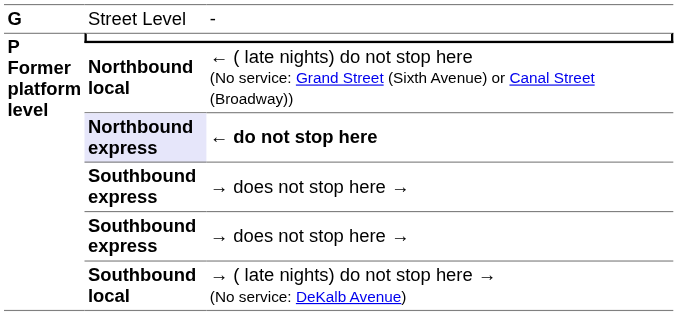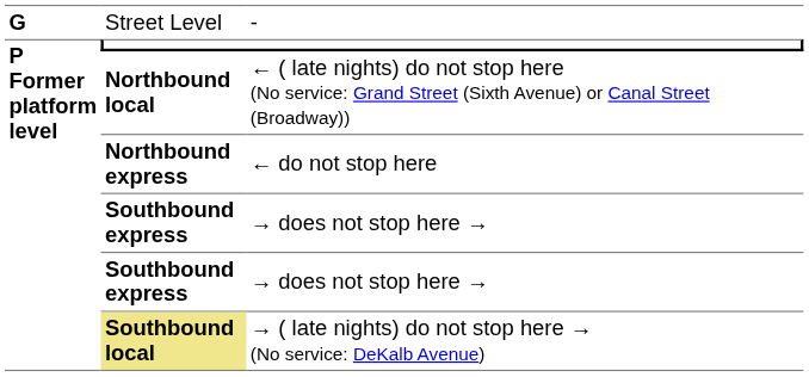 <table table border=0 cellspacing=0 cellpadding=3>
 <tr>
 <td style="border-top:solid 1px gray;" width=50 valign=top><strong>G</strong></td>
 <td style="border-top:solid 1px gray;" width=100 valign=top>Street Level</td>
 <td style="border-top:solid 1px gray;" width=400 valign=top>-</td>
 </tr>
 <tr>
 <td style="border-top:solid 1px gray;border-bottom:solid 1px gray;" width=50 rowspan=6 valign=top><strong>P<br>Former platform level</strong></td>
 <td style="border-top:solid 1px gray;border-right:solid 2px black;border-left:solid 2px black;border-bottom:solid 2px black;text-align:center;" colspan=2></td>
 </tr>
 <tr>
 <td style="border-bottom:solid 1px gray;" width=100><strong>Northbound local</strong></td>
 <td style="border-bottom:solid 1px gray;" width=400>←   ( late nights) do not stop here<br><small>(No service: <a href='#'>Grand Street</a> (Sixth Avenue) or <a href='#'>Canal Street</a> (Broadway))</small></td>
 </tr>
 <tr>
-<td style="background: lavender; border-bottom:solid 1px gray;"><strong>Northbound express</strong></td>
-<td style="border-bottom:solid 1px gray;"><strong>←   do not stop here</strong></td>
+<td style="border-bottom:solid 1px gray;"><strong>Northbound express</strong></td>
+<td style="border-bottom:solid 1px gray;">←   do not stop here</td>
 </tr>
 <tr>
 <td style="border-bottom:solid 1px gray;"><strong>Southbound express</strong></td>
 <td style="border-bottom:solid 1px gray;"><span>→</span>  does not stop here →</td>
 </tr>
 <tr>
 <td style="border-bottom:solid 1px gray;"><strong>Southbound express</strong></td>
 <td style="border-bottom:solid 1px gray;"><span>→</span>  does not stop here →</td>
 </tr>
 <tr>
-<td style="border-bottom:solid 1px gray;"><strong>Southbound local</strong></td>
+<td style="background: khaki; border-bottom:solid 1px gray;"><strong>Southbound local</strong></td>
 <td style="border-bottom:solid 1px gray;"><span>→</span>   ( late nights) do not stop here →<br><small>(No service: <a href='#'>DeKalb Avenue</a>)</small></td>
 </tr>
 </table>
